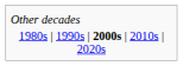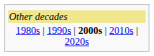 <table class="infobox" style="width:230px;">
 <tr>
 <td></td>
 </tr>
 <tr>
-<td><em>Other decades</em></td>
+<td style="background: khaki;"><em>Other decades</em></td>
 </tr>
 <tr>
 <td style="text-align:center;"><a href='#'>1980s</a> | <a href='#'>1990s</a> | <strong>2000s</strong> | <a href='#'>2010s</a> | <a href='#'>2020s</a></td>
 </tr>
 </table>
